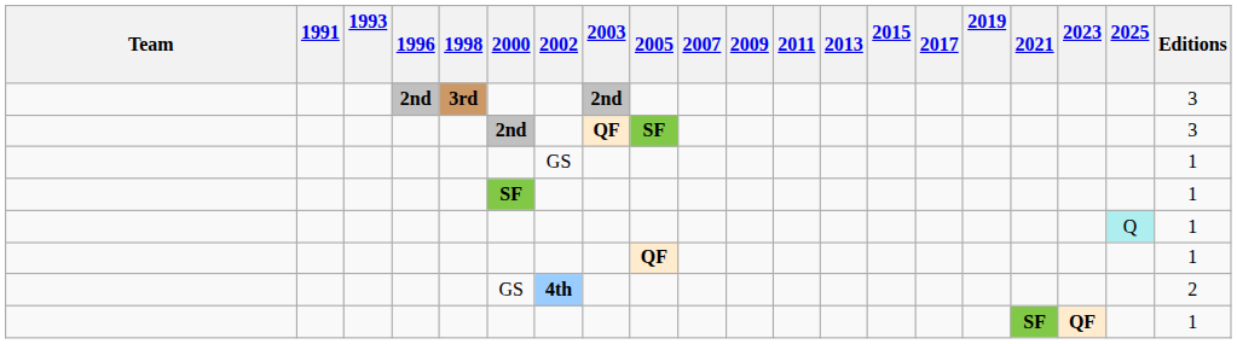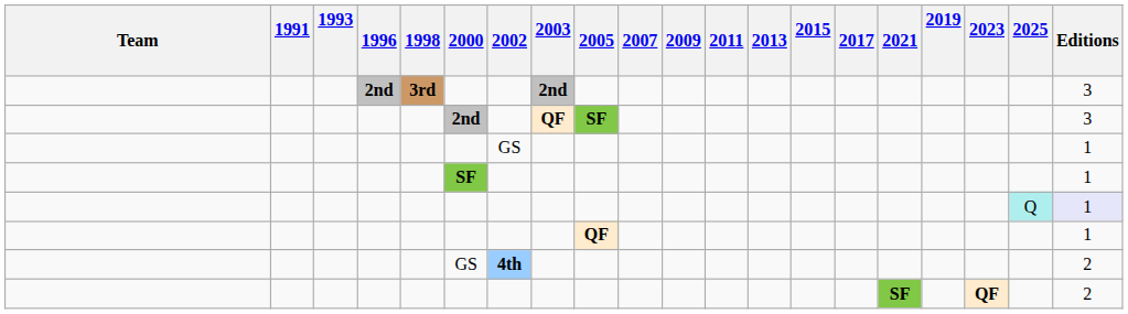 <table class="wikitable" style="text-align:center; font-size:90%">
 <tr>
 <th width=210>Team</th>
 <th><a href='#'>1991</a><br> <br></th>
 <th><a href='#'>1993</a><br> <br>  <br></th>
 <th><a href='#'>1996</a><br> </th>
 <th><a href='#'>1998</a><br> </th>
 <th><a href='#'>2000</a><br> </th>
 <th><a href='#'>2002</a><br> </th>
 <th><a href='#'>2003</a><br> <br> </th>
 <th><a href='#'>2005</a><br> </th>
 <th><a href='#'>2007</a><br> </th>
 <th><a href='#'>2009</a><br> </th>
 <th><a href='#'>2011</a><br> </th>
 <th><a href='#'>2013</a><br> </th>
 <th><a href='#'>2015</a><br> <br> </th>
 <th><a href='#'>2017</a><br> </th>
+<th><a href='#'>2021</a><br> </th>
 <th><a href='#'>2019</a><br> <br>  <br> </th>
-<th><a href='#'>2021</a><br> </th>
 <th><a href='#'>2023</a><br> <br> </th>
 <th><a href='#'>2025</a><br> <br> </th>
 <th>Editions</th>
 </tr>
 <tr>
 <td align=left></td>
 <td></td>
 <td></td>
 <td style="background:Silver;"><strong>2nd</strong></td>
 <td style="background:#c96;"><strong>3rd</strong></td>
 <td></td>
 <td></td>
 <td style="background:Silver;"><strong>2nd</strong></td>
 <td></td>
 <td></td>
 <td></td>
 <td></td>
 <td></td>
 <td></td>
 <td></td>
 <td></td>
 <td></td>
 <td></td>
 <td></td>
 <td>3</td>
 </tr>
 <tr>
 <td align=left></td>
 <td></td>
 <td></td>
 <td></td>
 <td></td>
 <td style="background:Silver;"><strong>2nd</strong></td>
 <td></td>
 <td style="background:#ffebcd"><strong>QF</strong></td>
 <td style="background:#81c846"><strong>SF</strong></td>
 <td></td>
 <td></td>
 <td></td>
 <td></td>
 <td></td>
 <td></td>
 <td></td>
 <td></td>
 <td></td>
 <td></td>
 <td>3</td>
 </tr>
 <tr>
 <td align=left></td>
 <td></td>
 <td></td>
 <td></td>
 <td></td>
 <td></td>
 <td>GS</td>
 <td></td>
 <td></td>
 <td></td>
 <td></td>
 <td></td>
 <td></td>
 <td></td>
 <td></td>
 <td></td>
 <td></td>
 <td></td>
 <td></td>
 <td>1</td>
 </tr>
 <tr>
 <td align=left></td>
 <td></td>
 <td></td>
 <td></td>
 <td></td>
 <td style="background:#81c846"><strong>SF</strong></td>
 <td></td>
 <td></td>
 <td></td>
 <td></td>
 <td></td>
 <td></td>
 <td></td>
 <td></td>
 <td></td>
 <td></td>
 <td></td>
 <td></td>
 <td></td>
 <td>1</td>
 </tr>
 <tr>
 <td align=left></td>
 <td></td>
 <td></td>
 <td></td>
 <td></td>
 <td></td>
 <td></td>
 <td></td>
 <td></td>
 <td></td>
 <td></td>
 <td></td>
 <td></td>
 <td></td>
 <td></td>
 <td></td>
 <td></td>
 <td></td>
 <td style="background: paleturquoise;">Q</td>
-<td>1</td>
+<td style="background: lavender;">1</td>
 </tr>
 <tr>
 <td align=left></td>
 <td></td>
 <td></td>
 <td></td>
 <td></td>
 <td></td>
 <td></td>
 <td></td>
 <td style="background:#ffebcd"><strong>QF</strong></td>
 <td></td>
 <td></td>
 <td></td>
 <td></td>
 <td></td>
 <td></td>
 <td></td>
 <td></td>
 <td></td>
 <td></td>
 <td>1</td>
 </tr>
 <tr>
 <td align=left></td>
 <td></td>
 <td></td>
 <td></td>
 <td></td>
 <td>GS</td>
 <td style="background:#9acdff;"><strong>4th</strong></td>
 <td></td>
 <td></td>
 <td></td>
 <td></td>
 <td></td>
 <td></td>
 <td></td>
 <td></td>
 <td></td>
 <td></td>
 <td></td>
 <td></td>
 <td>2</td>
 </tr>
 <tr>
 <td align=left></td>
 <td></td>
 <td></td>
 <td></td>
 <td></td>
 <td></td>
 <td></td>
 <td></td>
 <td></td>
 <td></td>
 <td></td>
 <td></td>
 <td></td>
 <td></td>
 <td></td>
+<td style="background:#81c846"><strong>SF</strong></td>
 <td></td>
-<td style="background:#81c846"><strong>SF</strong></td>
 <td style="background:#ffebcd"><strong>QF</strong></td>
 <td></td>
-<td>1</td>
+<td>2</td>
 </tr>
 </table>
